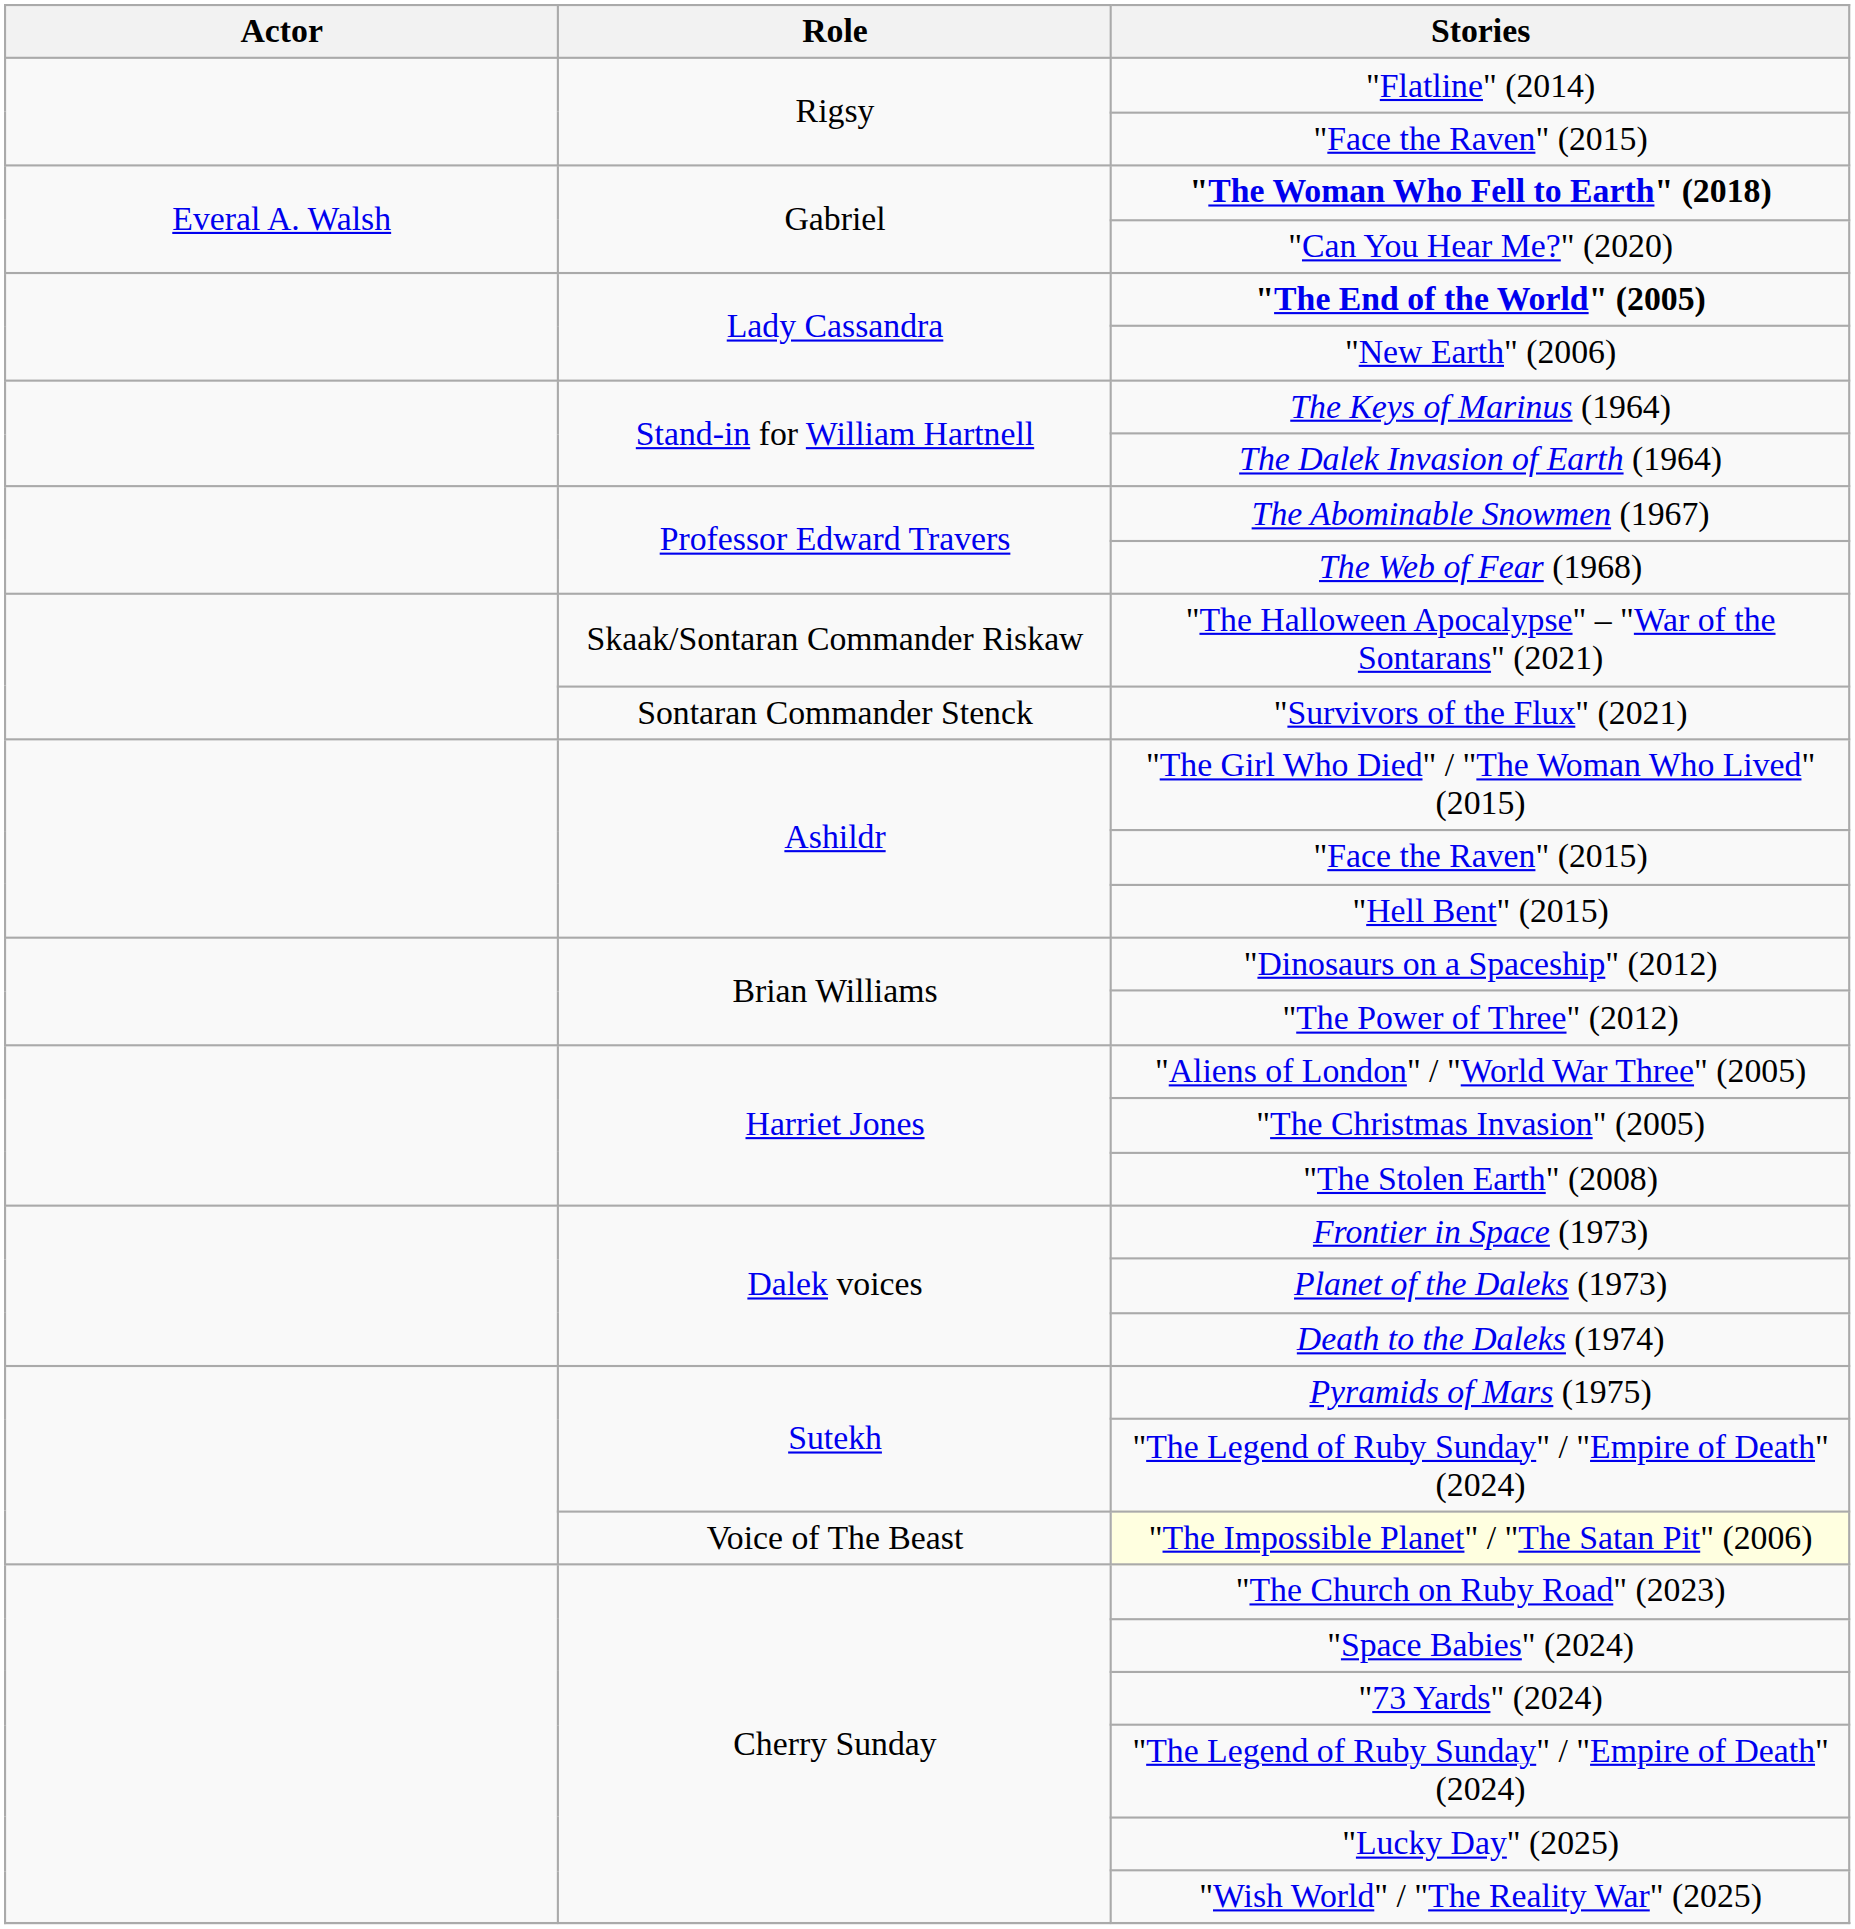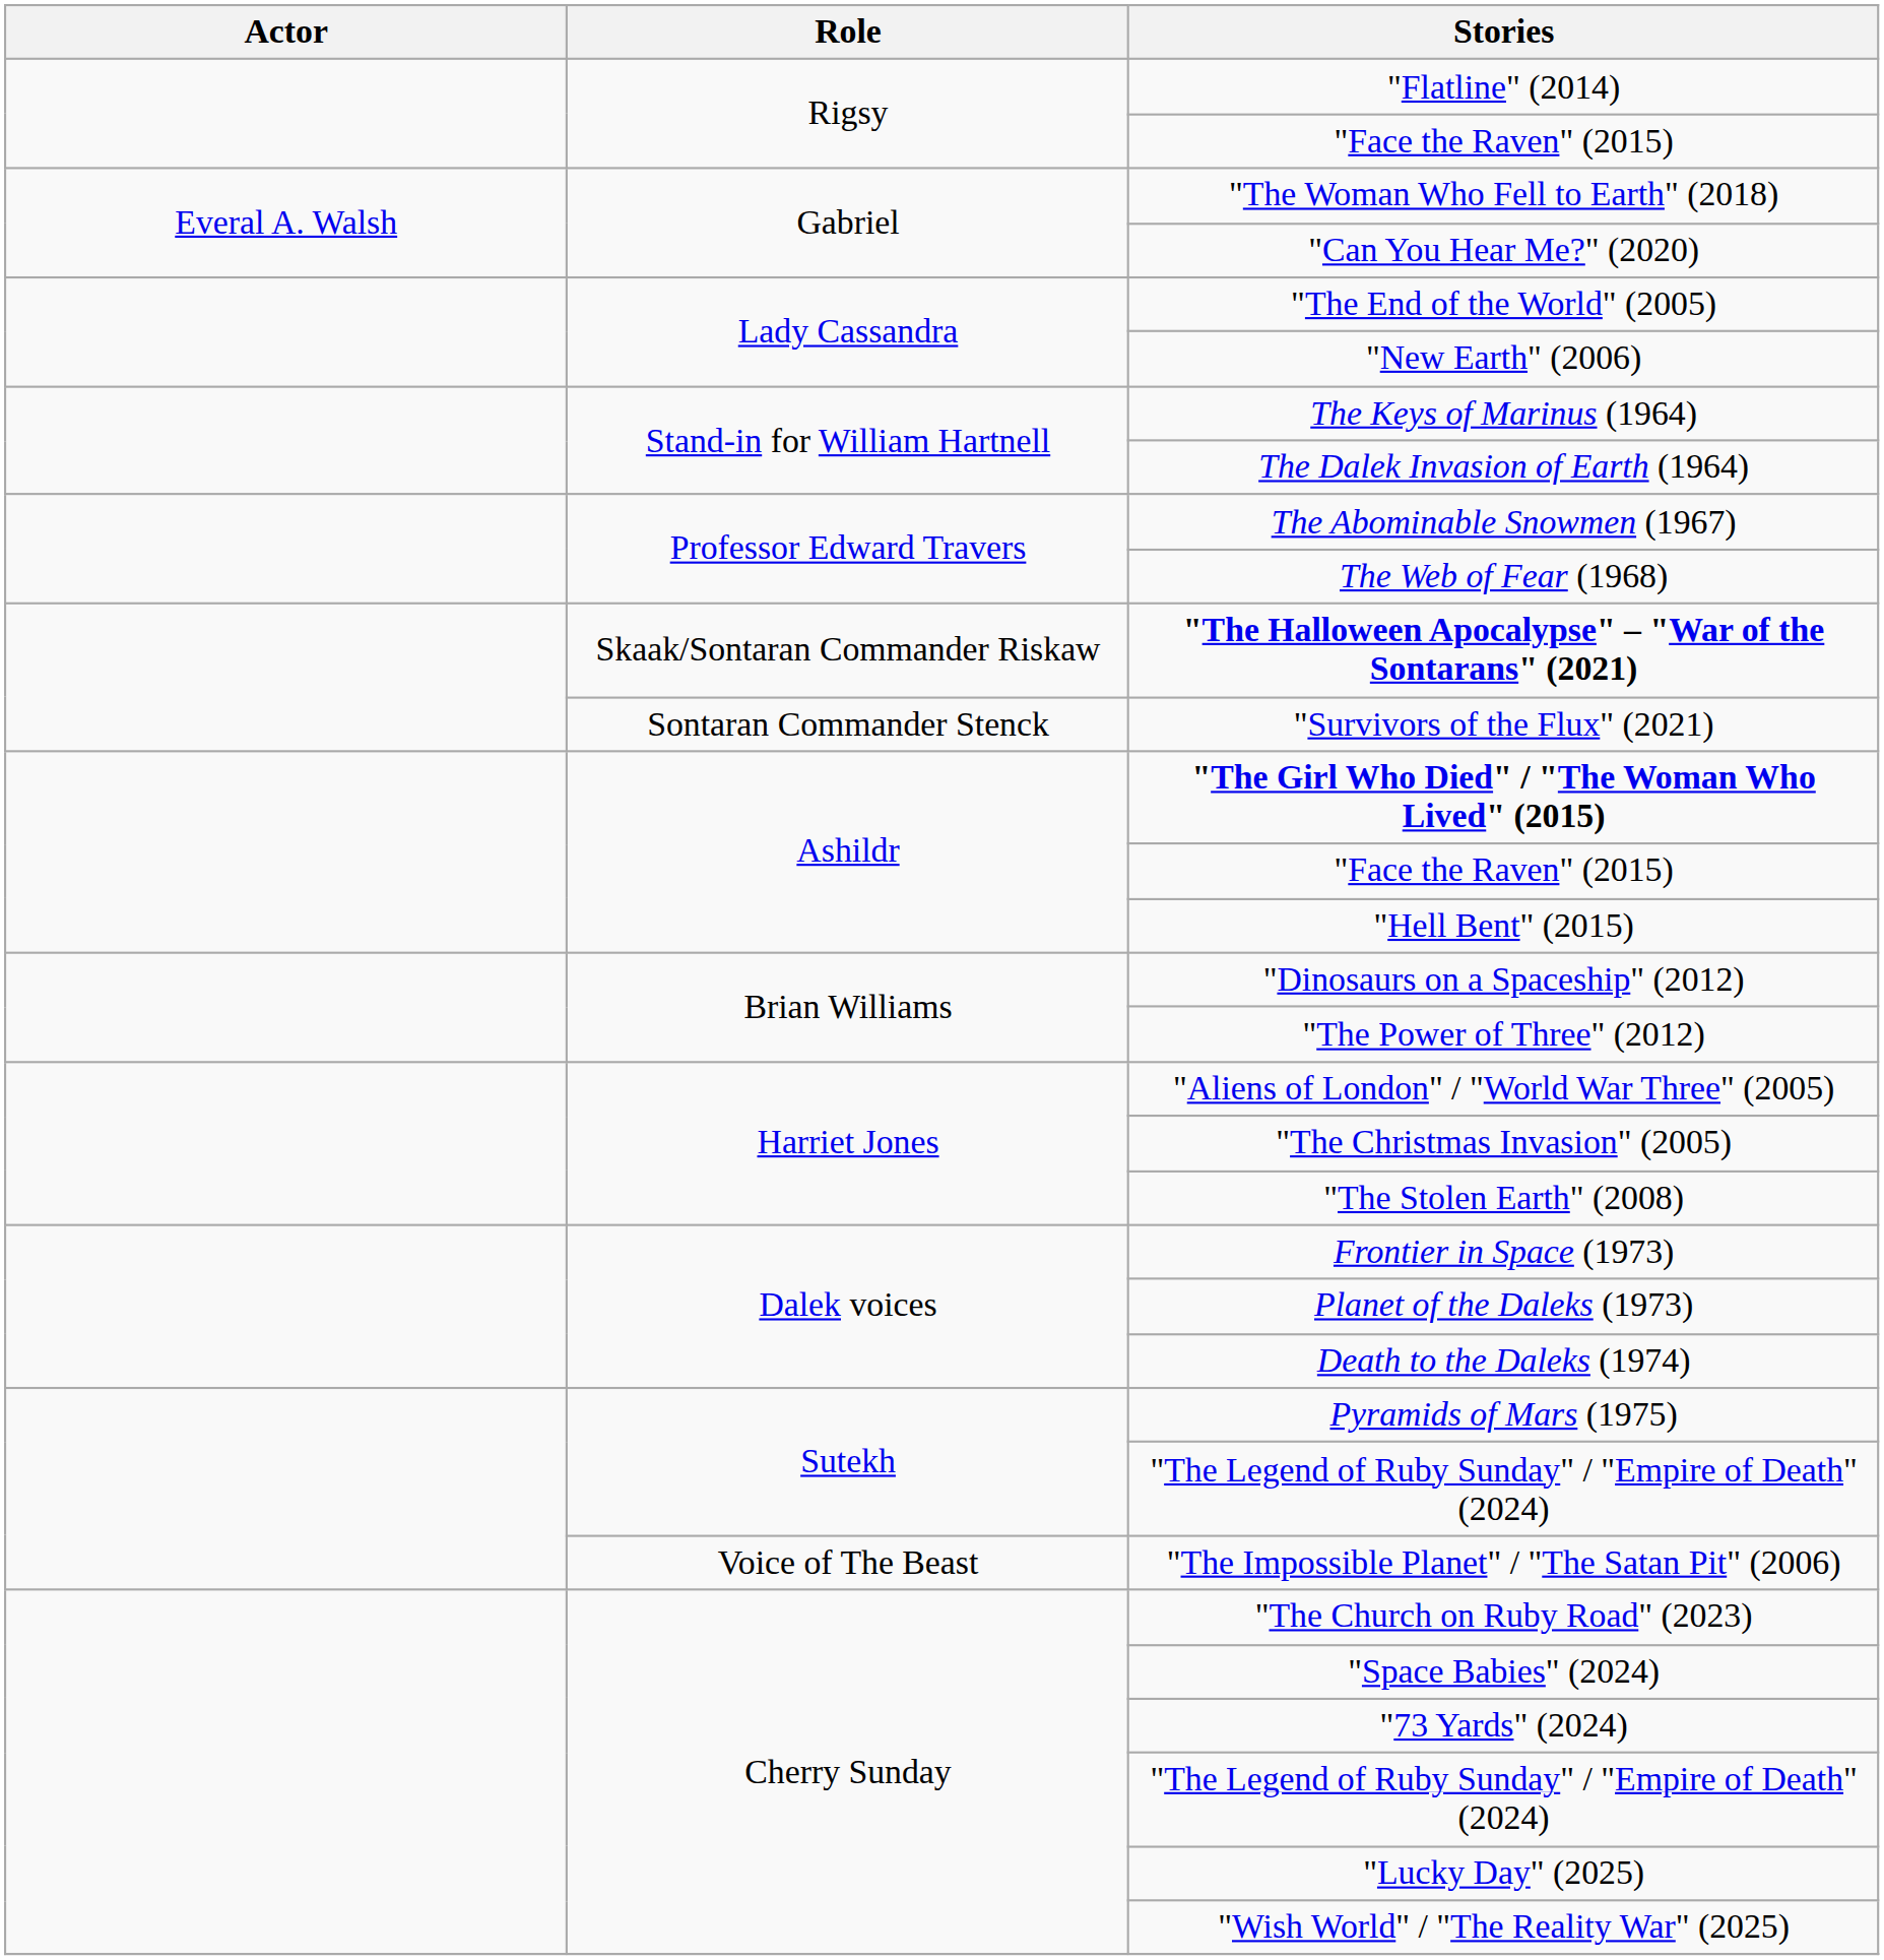 <table class="wikitable plainrowheaders sortable" style="text-align:center; width:99%;">
 <tr>
 <th style="width:30%;">Actor</th>
 <th scope="col" style="width:30%;">Role</th>
 <th scope="col" style="width:40%;">Stories</th>
 </tr>
 <tr>
 <td scope="row" rowspan="2"></td>
 <td rowspan="2">Rigsy</td>
 <td data-sort-value="250">"<a href='#'>Flatline</a>" (2014)</td>
 </tr>
 <tr>
 <td data-sort-value="260">"<a href='#'>Face the Raven</a>" (2015)</td>
 </tr>
 <tr>
 <td rowspan="2"><a href='#'>Everal A. Walsh</a></td>
 <td rowspan="2">Gabriel</td>
-<td data-sort-value="277"><strong>"<a href='#'>The Woman Who Fell to Earth</a>" (2018)</strong></td>
+<td data-sort-value="277">"<a href='#'>The Woman Who Fell to Earth</a>" (2018)</td>
 </tr>
 <tr>
 <td data-sort-value="293">"<a href='#'>Can You Hear Me?</a>" (2020)</td>
 </tr>
 <tr>
 <td scope="row" rowspan="2"></td>
 <td rowspan="2"><a href='#'>Lady Cassandra</a></td>
-<td data-sort-value="158"><strong>"<a href='#'>The End of the World</a>" (2005)</strong></td>
+<td data-sort-value="158">"<a href='#'>The End of the World</a>" (2005)</td>
 </tr>
 <tr>
 <td data-sort-value="168">"<a href='#'>New Earth</a>" (2006)</td>
 </tr>
 <tr>
 <td scope="row" rowspan="2"></td>
 <td rowspan="2"><a href='#'>Stand-in</a> for <a href='#'>William Hartnell</a></td>
 <td data-sort-value="005"><em><a href='#'>The Keys of Marinus</a></em> (1964)</td>
 </tr>
 <tr>
 <td data-sort-value="010"><em><a href='#'>The Dalek Invasion of Earth</a></em> (1964)</td>
 </tr>
 <tr>
 <td scope="row" rowspan="2"></td>
 <td rowspan="2"><a href='#'>Professor Edward Travers</a></td>
 <td data-sort-value="038"><em><a href='#'>The Abominable Snowmen</a></em> (1967)</td>
 </tr>
 <tr>
 <td data-sort-value="041"><em><a href='#'>The Web of Fear</a></em> (1968)</td>
 </tr>
 <tr>
 <td rowspan="2" scope="row"></td>
 <td>Skaak/Sontaran Commander Riskaw</td>
-<td data-sort-value="297a">"<a href='#'>The Halloween Apocalypse</a>" – "<a href='#'>War of the Sontarans</a>" (2021)</td>
+<td data-sort-value="297a"><strong>"<a href='#'>The Halloween Apocalypse</a>" – "<a href='#'>War of the Sontarans</a>" (2021)</strong></td>
 </tr>
 <tr>
 <td>Sontaran Commander Stenck</td>
 <td data-sort-value="297e">"<a href='#'>Survivors of the Flux</a>" (2021)</td>
 </tr>
 <tr>
 <td scope="row" rowspan="3"></td>
 <td rowspan="3"><a href='#'>Ashildr</a></td>
-<td data-sort-value="256">"<a href='#'>The Girl Who Died</a>" / "<a href='#'>The Woman Who Lived</a>" (2015)</td>
+<td data-sort-value="256"><strong>"<a href='#'>The Girl Who Died</a>" / "<a href='#'>The Woman Who Lived</a>" (2015)</strong></td>
 </tr>
 <tr>
 <td data-sort-value="260">"<a href='#'>Face the Raven</a>" (2015)</td>
 </tr>
 <tr>
 <td data-sort-value="262">"<a href='#'>Hell Bent</a>" (2015)</td>
 </tr>
 <tr>
 <td scope="row" rowspan="2"></td>
 <td rowspan="2">Brian Williams</td>
 <td data-sort-value="227">"<a href='#'>Dinosaurs on a Spaceship</a>" (2012)</td>
 </tr>
 <tr>
 <td data-sort-value="229">"<a href='#'>The Power of Three</a>" (2012)</td>
 </tr>
 <tr>
 <td scope="row" rowspan="3"></td>
 <td rowspan="3"><a href='#'>Harriet Jones</a></td>
 <td data-sort-value="160a">"<a href='#'>Aliens of London</a>" / "<a href='#'>World War Three</a>" (2005)</td>
 </tr>
 <tr>
 <td data-sort-value="167">"<a href='#'>The Christmas Invasion</a>" (2005)</td>
 </tr>
 <tr>
 <td data-sort-value="198a">"<a href='#'>The Stolen Earth</a>" (2008)</td>
 </tr>
 <tr>
 <td scope="row" rowspan="3"></td>
 <td rowspan="3"><a href='#'>Dalek</a> voices</td>
 <td data-sort-value="067"><em><a href='#'>Frontier in Space</a></em> (1973)</td>
 </tr>
 <tr>
 <td data-sort-value="068"><em><a href='#'>Planet of the Daleks</a></em> (1973)</td>
 </tr>
 <tr>
 <td data-sort-value="072"><em><a href='#'>Death to the Daleks</a></em> (1974)</td>
 </tr>
 <tr>
 <td scope="row" rowspan="3"></td>
 <td rowspan="2"><a href='#'>Sutekh</a></td>
 <td data-sort-value="067"><em><a href='#'>Pyramids of Mars</a></em> (1975)</td>
 </tr>
 <tr>
 <td data-sort-value="311a">"<a href='#'>The Legend of Ruby Sunday</a>" / "<a href='#'>Empire of Death</a>" (2024)</td>
 </tr>
 <tr>
 <td>Voice of The Beast</td>
-<td data-sort-value="072" style="background: lightyellow;">"<a href='#'>The Impossible Planet</a>" / "<a href='#'>The Satan Pit</a>" (2006)</td>
+<td data-sort-value="072">"<a href='#'>The Impossible Planet</a>" / "<a href='#'>The Satan Pit</a>" (2006)</td>
 </tr>
 <tr>
 <td scope="row" rowspan="6"></td>
 <td rowspan="6">Cherry Sunday</td>
 <td data-sort-value="304">"<a href='#'>The Church on Ruby Road</a>" (2023)</td>
 </tr>
 <tr>
 <td data-sort-value="305">"<a href='#'>Space Babies</a>" (2024)</td>
 </tr>
 <tr>
 <td data-sort-value="308">"<a href='#'>73 Yards</a>" (2024)</td>
 </tr>
 <tr>
 <td data-sort-value="311a">"<a href='#'>The Legend of Ruby Sunday</a>" / "<a href='#'>Empire of Death</a>" (2024)</td>
 </tr>
 <tr>
 <td data-sort-value="316">"<a href='#'>Lucky Day</a>" (2025)</td>
 </tr>
 <tr>
 <td data-sort-value="319a">"<a href='#'>Wish World</a>" / "<a href='#'>The Reality War</a>" (2025)</td>
 </tr>
 <tr>
 </tr>
 </table>
